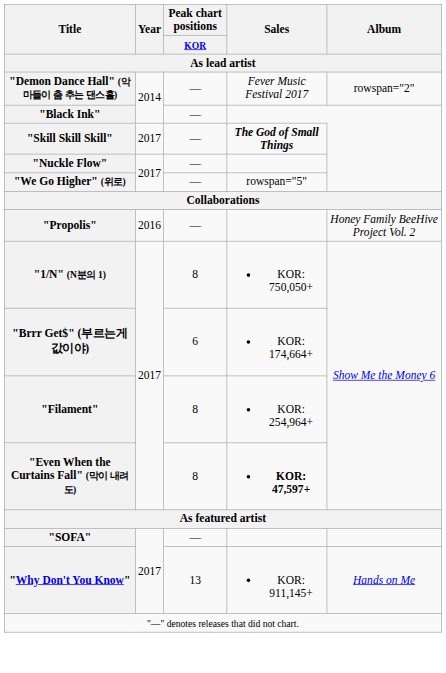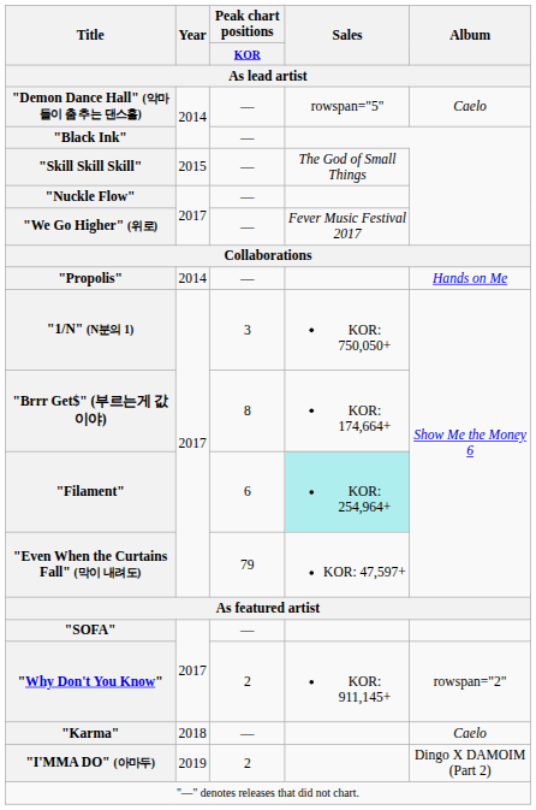 <table class="wikitable plainrowheaders" style="text-align:center;">
 <tr>
 <th rowspan="2" scope="col">Title</th>
 <th rowspan="2" scope="col">Year</th>
 <th colspan="1" scope="col" style="width:5em;">Peak chart positions</th>
 <th rowspan="2" scope="col">Sales</th>
 <th rowspan="2" scope="col">Album</th>
 </tr>
 <tr>
 <th><small><a href='#'>KOR</a></small><br></th>
 </tr>
 <tr>
 <th colspan="5" scope="col">As lead artist</th>
 </tr>
 <tr>
 <th scope="row">"Demon Dance Hall" <small>(악마들이 춤 추는 댄스홀)</small><br></th>
 <td rowspan="2">2014</td>
 <td>—</td>
-<td><em>Fever Music Festival 2017</em></td>
-<td>rowspan="2" </td>
+<td>rowspan="5" </td>
+<td><em>Caelo</em></td>
 </tr>
 <tr>
 <th scope="row">"Black Ink"<br></th>
 <td>—</td>
 </tr>
 <tr>
 <th scope="row">"Skill Skill Skill"<br></th>
-<td>2017</td>
+<td>2015</td>
 <td>—</td>
-<td><strong><em>The God of Small Things</em></strong></td>
+<td><em>The God of Small Things</em></td>
 </tr>
 <tr>
 <th scope="row">"Nuckle Flow"</th>
 <td rowspan="2">2017</td>
 <td>—</td>
 <td></td>
 </tr>
 <tr>
 <th scope="row">"We Go Higher" <small>(위로)</small><br></th>
 <td>—</td>
-<td>rowspan="5" </td>
+<td><em>Fever Music Festival 2017</em></td>
 </tr>
 <tr>
 <th colspan="5" scope="col">Collaborations</th>
 </tr>
 <tr>
 <th scope="row">"Propolis"<br></th>
-<td>2016</td>
+<td>2014</td>
 <td>—</td>
 <td></td>
-<td><em>Honey Family BeeHive Project Vol. 2</em></td>
+<td><em><a href='#'>Hands on Me</a></em></td>
 </tr>
 <tr>
 <th scope="row">"1/N" <small>(N분의 1)</small><br></th>
 <td rowspan="4">2017</td>
-<td>8</td>
+<td>3</td>
 <td><br><ul><li>KOR: 750,050+</li></ul></td>
 <td rowspan="4"><em><a href='#'>Show Me the Money 6</a></em></td>
 </tr>
 <tr>
 <th scope="row">"Brrr Get$" (부르는게 값이야)<br></th>
-<td>6</td>
+<td>8</td>
 <td><br><ul><li>KOR: 174,664+</li></ul></td>
 </tr>
 <tr>
 <th scope="row">"Filament"<br></th>
-<td>8</td>
-<td><br><ul><li>KOR: 254,964+</li></ul></td>
+<td>6</td>
+<td style="background: paleturquoise;"><br><ul><li>KOR: 254,964+</li></ul></td>
 </tr>
 <tr>
 <th scope="row">"Even When the Curtains Fall" <small>(막이 내려도)</small><br></th>
-<td>8</td>
-<td><strong><br><ul><li>KOR: 47,597+</li></ul></strong></td>
+<td>79</td>
+<td><br><ul><li>KOR: 47,597+</li></ul></td>
 </tr>
 <tr>
 <th colspan="5" scope="col">As featured artist</th>
 </tr>
 <tr>
 <th scope="row">"SOFA"<br></th>
 <td rowspan="2">2017</td>
 <td>—</td>
 <td></td>
 <td></td>
 </tr>
 <tr>
 <th scope="row">"<a href='#'>Why Don't You Know</a>"<br></th>
-<td>13</td>
+<td>2</td>
 <td><br><ul><li>KOR: 911,145+</li></ul></td>
-<td><em><a href='#'>Hands on Me</a></em></td>
+<td>rowspan="2" </td>
+</tr>
+<tr>
+<th scope="row">"Karma"<br></th>
+<td>2018</td>
+<td>—</td>
+<td></td>
+<td><em>Caelo</em></td>
+</tr>
+<tr>
+<th scope="row">"I'MMA DO" <small>(아마두)</small><br></th>
+<td>2019</td>
+<td>2</td>
+<td></td>
+<td>Dingo X DAMOIM (Part 2)</td>
 </tr>
 <tr>
 <td colspan="5" align="center"><small>"—" denotes releases that did not chart.</small></td>
 </tr>
 </table>
